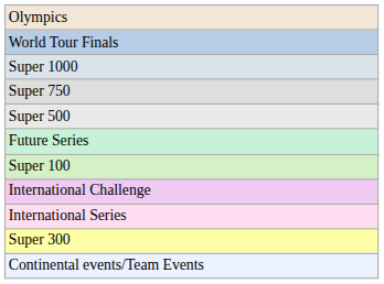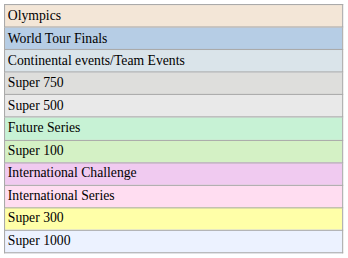 <table class="wikitable" style="font-size:80%; width:20%">
 <tr bgcolor="#F3E6D7">
 <td>Olympics</td>
 </tr>
 <tr bgcolor="#B6CDE5">
 <td>World Tour Finals</td>
 </tr>
 <tr bgcolor="#DAE4EA">
-<td>Super 1000</td>
+<td>Continental events/Team Events</td>
 </tr>
 <tr bgcolor="#DEDEDC">
 <td>Super 750</td>
 </tr>
 <tr bgcolor="#E9E9E9">
 <td>Super 500</td>
 </tr>
 <tr bgcolor="#C7F2D5">
 <td>Future Series</td>
 </tr>
 <tr bgcolor="#D4F1C5">
 <td>Super 100</td>
 </tr>
 <tr bgcolor="#F0CAF0">
 <td>International Challenge</td>
 </tr>
 <tr bgcolor="#FFDDF1">
 <td>International Series</td>
 </tr>
 <tr bgcolor="#FFFFA8">
 <td>Super 300</td>
 </tr>
 <tr bgcolor="#ECF2FF">
-<td>Continental events/Team Events</td>
+<td>Super 1000</td>
 </tr>
 </table>
